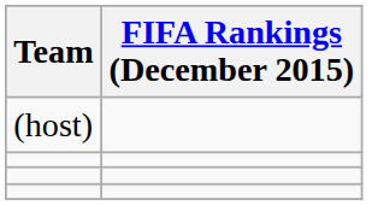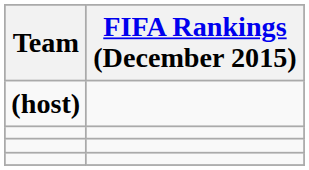 <table class="wikitable sortable" style="text-align: left;">
 <tr>
 <th>Team</th>
 <th><a href='#'>FIFA Rankings</a><br>(December 2015)</th>
 </tr>
 <tr>
-<td> (host)</td>
+<td><strong> (host)</strong></td>
 <td></td>
 </tr>
 <tr>
 <td></td>
 <td></td>
 </tr>
 <tr>
 <td></td>
 <td></td>
 </tr>
 <tr>
 <td></td>
 <td></td>
 </tr>
 </table>
